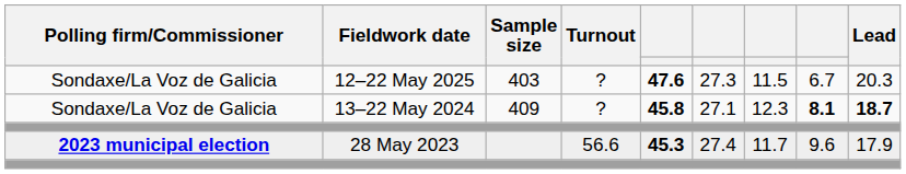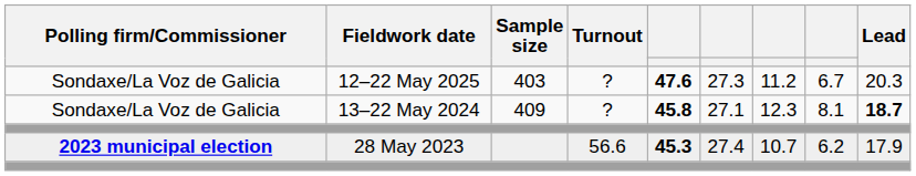 <table class="wikitable collapsible collapsed" style="text-align:center; font-size:95%; line-height:16px;">
 <tr style="height:42px;">
 <th style="width:250px;" rowspan="2">Polling firm/Commissioner</th>
 <th style="width:125px;" rowspan="2">Fieldwork date</th>
 <th style="width:50px;" rowspan="2">Sample size</th>
 <th style="width:45px;" rowspan="2">Turnout</th>
 <th style="width:35px;"></th>
 <th style="width:35px;"></th>
 <th style="width:35px;"></th>
 <th style="width:35px;"></th>
 <th style="width:30px;" rowspan="2">Lead</th>
 </tr>
 <tr>
 <th style="color:inherit;background:"></th>
 <th style="color:inherit;background:"></th>
 <th style="color:inherit;background:"></th>
 <th style="color:inherit;background:"></th>
 </tr>
 <tr>
 <td>Sondaxe/La Voz de Galicia</td>
 <td>12–22 May 2025</td>
 <td>403</td>
 <td>?</td>
 <td><strong>47.6</strong><br></td>
 <td>27.3<br></td>
-<td>11.5<br></td>
+<td>11.2<br></td>
 <td>6.7<br></td>
 <td style="background:">20.3</td>
 </tr>
 <tr>
 <td>Sondaxe/La Voz de Galicia</td>
 <td>13–22 May 2024</td>
 <td>409</td>
 <td>?</td>
 <td><strong>45.8</strong><br></td>
 <td>27.1<br></td>
 <td>12.3<br></td>
-<td><strong>8.1<br></strong></td>
+<td>8.1<br></td>
 <td style="background:"><strong>18.7</strong></td>
 </tr>
 <tr>
 <td colspan="9" style="background:#A0A0A0"></td>
 </tr>
 <tr style="background:#EFEFEF;">
 <td><strong><a href='#'>2023 municipal election</a></strong></td>
 <td>28 May 2023</td>
 <td></td>
 <td>56.6</td>
 <td><strong>45.3</strong><br></td>
 <td>27.4<br></td>
-<td>11.7<br></td>
-<td>9.6<br></td>
+<td>10.7<br></td>
+<td>6.2<br></td>
 <td style="background:">17.9</td>
 </tr>
 <tr>
 <td colspan="9" style="background:#A0A0A0"></td>
 </tr>
 </table>
